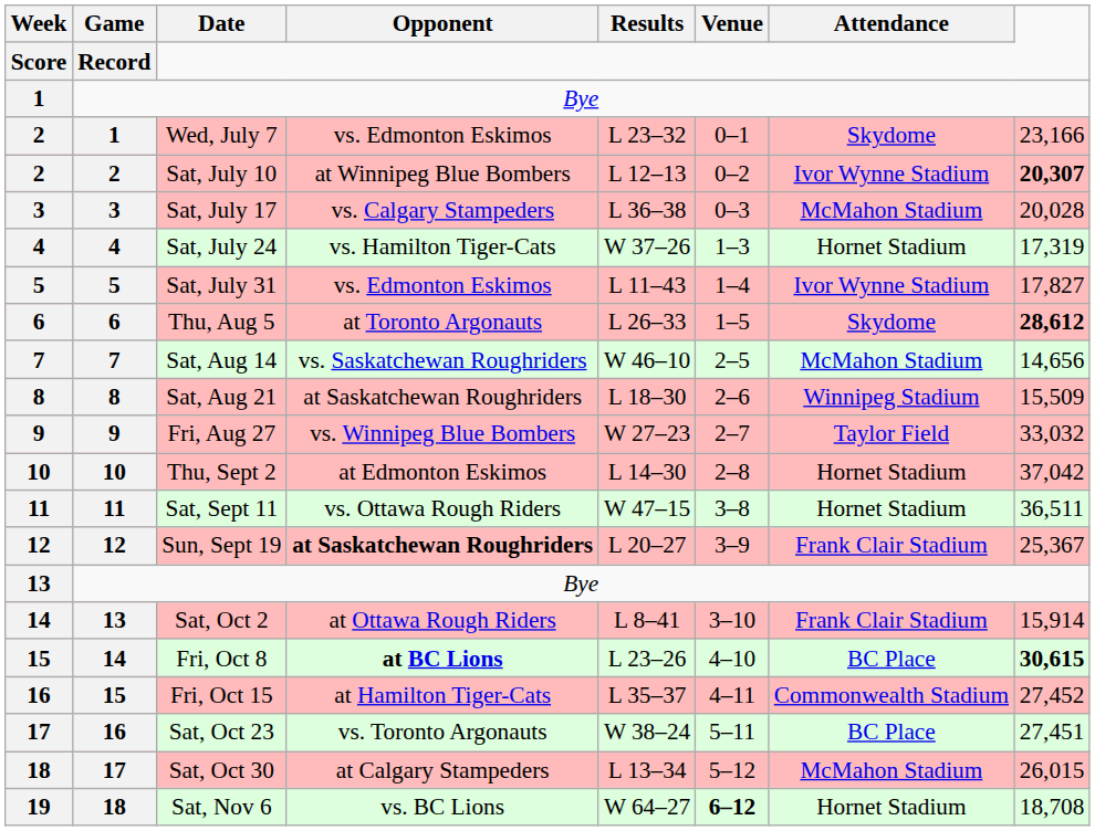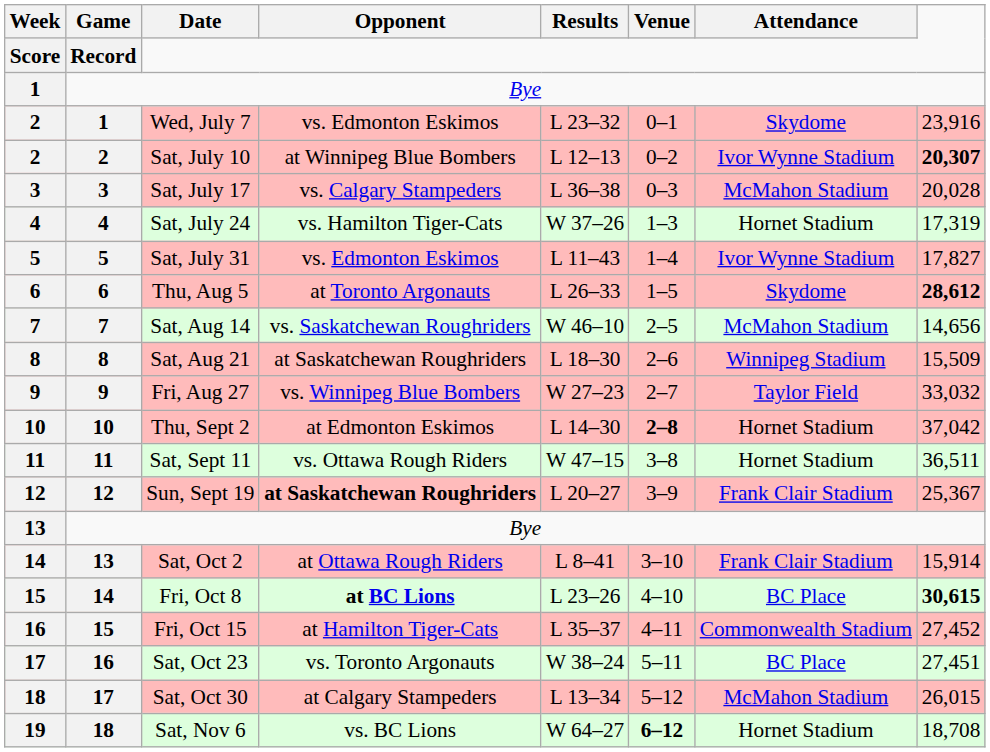 <table class="wikitable" style="text-align:center">
 <tr>
 <th>Week</th>
 <th>Game</th>
 <th>Date</th>
 <th>Opponent</th>
 <th>Results</th>
 <th>Venue</th>
 <th>Attendance</th>
 </tr>
 <tr>
 <th>Score</th>
 <th>Record</th>
 </tr>
 <tr>
 <th>1</th>
 <td colspan="7"><em><a href='#'>Bye</a></em></td>
 </tr>
 <tr style="background:#ffbbbb">
 <th>2</th>
 <th>1</th>
 <td>Wed, July 7</td>
 <td>vs. Edmonton Eskimos</td>
 <td>L 23–32</td>
 <td>0–1</td>
 <td><a href='#'>Skydome</a></td>
-<td>23,166</td>
+<td>23,916</td>
 </tr>
 <tr style="background:#ffbbbb">
 <th>2</th>
 <th>2</th>
 <td>Sat, July 10</td>
 <td>at Winnipeg Blue Bombers</td>
 <td>L 12–13</td>
 <td>0–2</td>
 <td><a href='#'>Ivor Wynne Stadium</a></td>
 <td><strong>20,307</strong></td>
 </tr>
 <tr style="background:#ffbbbb">
 <th>3</th>
 <th>3</th>
 <td>Sat, July 17</td>
 <td>vs. <a href='#'>Calgary Stampeders</a></td>
 <td>L 36–38</td>
 <td>0–3</td>
 <td><a href='#'>McMahon Stadium</a></td>
 <td>20,028</td>
 </tr>
 <tr style="background:#ddffdd">
 <th>4</th>
 <th>4</th>
 <td>Sat, July 24</td>
 <td>vs. Hamilton Tiger-Cats</td>
 <td>W 37–26</td>
 <td>1–3</td>
 <td>Hornet Stadium</td>
 <td>17,319</td>
 </tr>
 <tr style="background:#ffbbbb">
 <th>5</th>
 <th>5</th>
 <td>Sat, July 31</td>
 <td>vs. <a href='#'>Edmonton Eskimos</a></td>
 <td>L 11–43</td>
 <td>1–4</td>
 <td><a href='#'>Ivor Wynne Stadium</a></td>
 <td>17,827</td>
 </tr>
 <tr style="background:#ffbbbb">
 <th>6</th>
 <th>6</th>
 <td>Thu, Aug 5</td>
 <td>at <a href='#'>Toronto Argonauts</a></td>
 <td>L 26–33</td>
 <td>1–5</td>
 <td><a href='#'>Skydome</a></td>
 <td><strong>28,612</strong></td>
 </tr>
 <tr style="background:#ddffdd">
 <th>7</th>
 <th>7</th>
 <td>Sat, Aug 14</td>
 <td>vs. <a href='#'>Saskatchewan Roughriders</a></td>
 <td>W 46–10</td>
 <td>2–5</td>
 <td><a href='#'>McMahon Stadium</a></td>
 <td>14,656</td>
 </tr>
 <tr style="background:#ffbbbb">
 <th>8</th>
 <th>8</th>
 <td>Sat, Aug 21</td>
 <td>at Saskatchewan Roughriders</td>
 <td>L 18–30</td>
 <td>2–6</td>
 <td><a href='#'>Winnipeg Stadium</a></td>
 <td>15,509</td>
 </tr>
 <tr style="background:#ffbbbb">
 <th>9</th>
 <th>9</th>
 <td>Fri, Aug 27</td>
 <td>vs. <a href='#'>Winnipeg Blue Bombers</a></td>
 <td>W 27–23</td>
 <td>2–7</td>
 <td><a href='#'>Taylor Field</a></td>
 <td>33,032</td>
 </tr>
 <tr style="background:#ffbbbb">
 <th>10</th>
 <th>10</th>
 <td>Thu, Sept 2</td>
 <td>at Edmonton Eskimos</td>
 <td>L 14–30</td>
-<td>2–8</td>
+<td><strong>2–8</strong></td>
 <td>Hornet Stadium</td>
 <td>37,042</td>
 </tr>
 <tr style="background:#ddffdd">
 <th>11</th>
 <th>11</th>
 <td>Sat, Sept 11</td>
 <td>vs. Ottawa Rough Riders</td>
 <td>W 47–15</td>
 <td>3–8</td>
 <td>Hornet Stadium</td>
 <td>36,511</td>
 </tr>
 <tr style="background:#ffbbbb">
 <th>12</th>
 <th>12</th>
 <td>Sun, Sept 19</td>
 <td><strong>at Saskatchewan Roughriders</strong></td>
 <td>L 20–27</td>
 <td>3–9</td>
 <td><a href='#'>Frank Clair Stadium</a></td>
 <td>25,367</td>
 </tr>
 <tr>
 <th>13</th>
 <td colspan="7"><em>Bye</em></td>
 </tr>
 <tr style="background:#ffbbbb">
 <th>14</th>
 <th>13</th>
 <td>Sat, Oct 2</td>
 <td>at <a href='#'>Ottawa Rough Riders</a></td>
 <td>L 8–41</td>
 <td>3–10</td>
 <td><a href='#'>Frank Clair Stadium</a></td>
 <td>15,914</td>
 </tr>
 <tr style="background:#ddffdd">
 <th>15</th>
 <th>14</th>
 <td>Fri, Oct 8</td>
 <td><strong>at <a href='#'>BC Lions</a></strong></td>
 <td>L 23–26</td>
 <td>4–10</td>
 <td><a href='#'>BC Place</a></td>
 <td><strong>30,615</strong></td>
 </tr>
 <tr style="background:#ffbbbb">
 <th>16</th>
 <th>15</th>
 <td>Fri, Oct 15</td>
 <td>at <a href='#'>Hamilton Tiger-Cats</a></td>
 <td>L 35–37</td>
 <td>4–11</td>
 <td><a href='#'>Commonwealth Stadium</a></td>
 <td>27,452</td>
 </tr>
 <tr style="background:#ddffdd">
 <th>17</th>
 <th>16</th>
 <td>Sat, Oct 23</td>
 <td>vs. Toronto Argonauts</td>
 <td>W 38–24</td>
 <td>5–11</td>
 <td><a href='#'>BC Place</a></td>
 <td>27,451</td>
 </tr>
 <tr style="background:#ffbbbb">
 <th>18</th>
 <th>17</th>
 <td>Sat, Oct 30</td>
 <td>at Calgary Stampeders</td>
 <td>L 13–34</td>
 <td>5–12</td>
 <td><a href='#'>McMahon Stadium</a></td>
 <td>26,015</td>
 </tr>
 <tr style="background:#ddffdd">
 <th>19</th>
 <th>18</th>
 <td>Sat, Nov 6</td>
 <td>vs. BC Lions</td>
 <td>W 64–27</td>
 <td><strong>6–12</strong></td>
 <td>Hornet Stadium</td>
 <td>18,708</td>
 </tr>
 </table>
